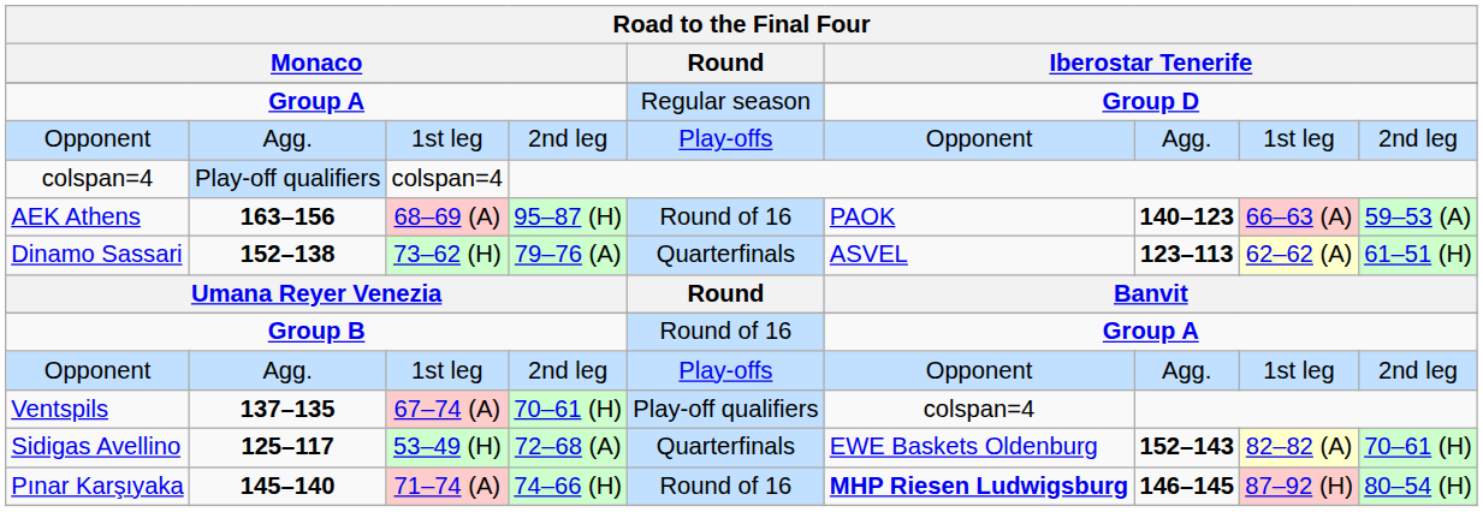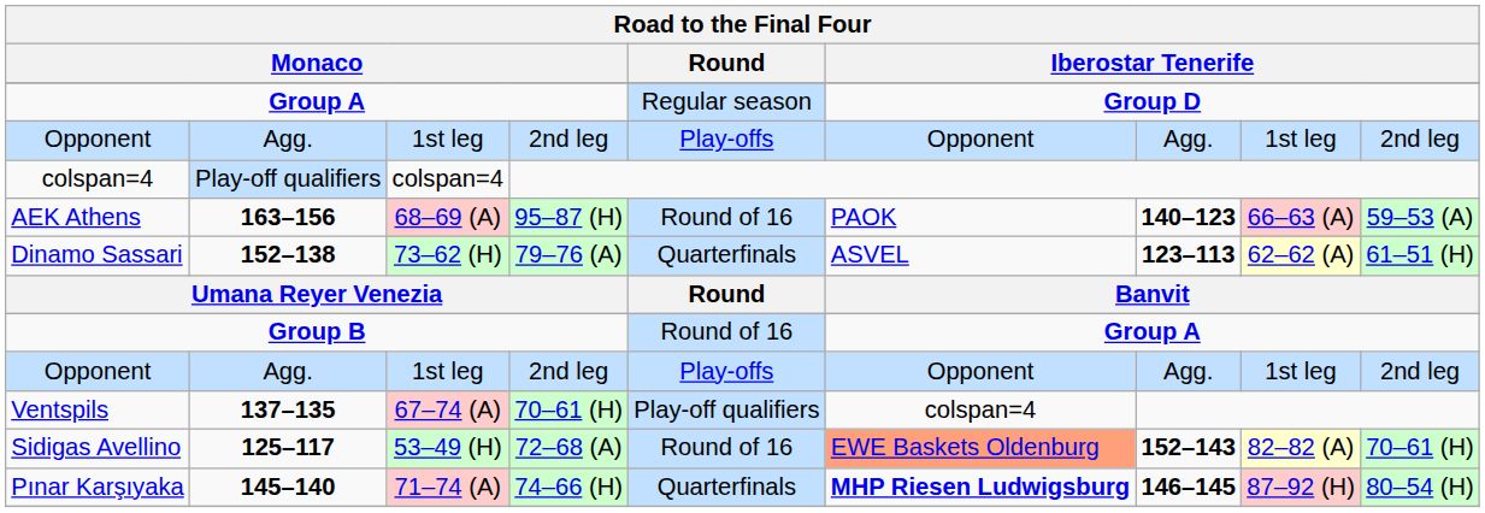 <table class="wikitable collapsible collapsed" style="text-align:center; min-width:45em">
 <tr>
 <th colspan=9>Road to the Final Four</th>
 </tr>
 <tr>
 <th colspan=4> <a href='#'>Monaco</a></th>
 <th>Round</th>
 <th colspan=4> <a href='#'>Iberostar Tenerife</a></th>
 </tr>
 <tr bgcolor=#c1e0ff>
 </tr>
 <tr style="background:#c1e0ff">
 </tr>
 <tr>
 <td colspan=4 valign=top><strong><a href='#'>Group A</a></strong> <br></td>
 <td bgcolor=c1e0ff>Regular season</td>
 <td colspan=4 valign=top><strong><a href='#'>Group D</a></strong> <br></td>
 </tr>
 <tr style="background:#c1e0ff">
 <td>Opponent</td>
 <td>Agg.</td>
 <td>1st leg</td>
 <td>2nd leg</td>
 <td><a href='#'>Play-offs</a></td>
 <td>Opponent</td>
 <td>Agg.</td>
 <td>1st leg</td>
 <td>2nd leg</td>
 </tr>
 <tr>
 <td>colspan=4 </td>
 <td bgcolor=c1e0ff>Play-off qualifiers</td>
 <td>colspan=4  </td>
 </tr>
 <tr>
 <td align=left> <a href='#'>AEK Athens</a></td>
 <td><strong>163–156</strong></td>
 <td bgcolor=#fcc><a href='#'>68–69</a> (A)</td>
 <td bgcolor=#cfc><a href='#'>95–87</a> (H)</td>
 <td bgcolor=c1e0ff>Round of 16</td>
 <td align=left> <a href='#'>PAOK</a></td>
 <td><strong>140–123</strong></td>
 <td bgcolor=#fcc><a href='#'>66–63</a> (A)</td>
 <td bgcolor=#cfc><a href='#'>59–53</a> (A)</td>
 </tr>
 <tr>
 <td align=left> <a href='#'>Dinamo Sassari</a></td>
 <td><strong>152–138</strong></td>
 <td bgcolor=#cfc><a href='#'>73–62</a> (H)</td>
 <td bgcolor=#cfc><a href='#'>79–76</a> (A)</td>
 <td bgcolor=c1e0ff>Quarterfinals</td>
 <td align=left> <a href='#'>ASVEL</a></td>
 <td><strong>123–113</strong></td>
 <td bgcolor=#ffc><a href='#'>62–62</a> (A)</td>
 <td bgcolor=#cfc><a href='#'>61–51</a> (H)</td>
 </tr>
 <tr>
 <th colspan=4> <a href='#'>Umana Reyer Venezia</a></th>
 <th>Round</th>
 <th colspan=4> <a href='#'>Banvit</a></th>
 </tr>
 <tr bgcolor=#c1e0ff>
 </tr>
 <tr style="background:#c1e0ff">
 </tr>
 <tr>
 <td colspan=4 valign=top><strong><a href='#'>Group B</a></strong> <br></td>
 <td bgcolor=c1e0ff>Round of 16</td>
 <td colspan=4 valign=top><strong><a href='#'>Group A</a></strong> <br></td>
 </tr>
 <tr style="background:#c1e0ff">
 <td>Opponent</td>
 <td>Agg.</td>
 <td>1st leg</td>
 <td>2nd leg</td>
 <td><a href='#'>Play-offs</a></td>
 <td>Opponent</td>
 <td>Agg.</td>
 <td>1st leg</td>
 <td>2nd leg</td>
 </tr>
 <tr>
 <td align=left> <a href='#'>Ventspils</a></td>
 <td><strong>137–135</strong></td>
 <td bgcolor=#fcc><a href='#'>67–74</a> (A)</td>
 <td bgcolor=#cfc><a href='#'>70–61</a> (H)</td>
 <td bgcolor=c1e0ff>Play-off qualifiers</td>
 <td>colspan=4  </td>
 </tr>
 <tr>
 <td align=left> <a href='#'>Sidigas Avellino</a></td>
 <td><strong>125–117</strong></td>
 <td bgcolor=#cfc><a href='#'>53–49</a> (H)</td>
 <td bgcolor=#cfc><a href='#'>72–68</a> (A)</td>
-<td bgcolor=c1e0ff>Quarterfinals</td>
-<td align=left> <a href='#'>EWE Baskets Oldenburg</a></td>
+<td bgcolor=c1e0ff>Round of 16</td>
+<td align=left style="background: lightsalmon;"> <a href='#'>EWE Baskets Oldenburg</a></td>
 <td><strong>152–143</strong></td>
 <td bgcolor=#ffc><a href='#'>82–82</a> (A)</td>
 <td bgcolor=#cfc><a href='#'>70–61</a> (H)</td>
 </tr>
 <tr>
 <td align=left> <a href='#'>Pınar Karşıyaka</a></td>
 <td><strong>145–140</strong></td>
 <td bgcolor=#fcc><a href='#'>71–74</a> (A)</td>
 <td bgcolor=#cfc><a href='#'>74–66</a> (H)</td>
-<td bgcolor=c1e0ff>Round of 16</td>
+<td bgcolor=c1e0ff>Quarterfinals</td>
 <td align=left><strong> <a href='#'>MHP Riesen Ludwigsburg</a></strong></td>
 <td><strong>146–145</strong></td>
 <td bgcolor=#fcc><a href='#'>87–92</a> (H)</td>
 <td bgcolor=#cfc><a href='#'>80–54</a> (H)</td>
 </tr>
 <tr>
 </tr>
 <tr>
 </tr>
 </table>
